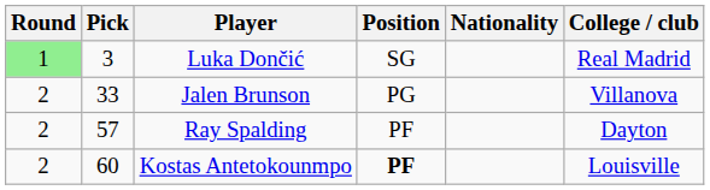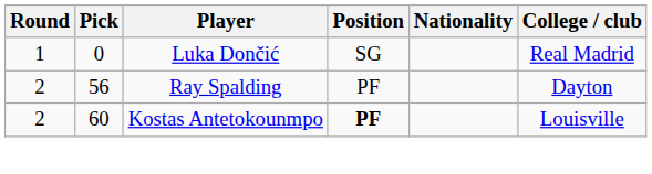 <table class="wikitable sortable sortable">
 <tr>
 <th>Round</th>
 <th>Pick</th>
 <th>Player</th>
 <th>Position</th>
 <th>Nationality</th>
 <th>College / club</th>
 </tr>
 <tr style="text-align: center">
-<td style="background: lightgreen;">1</td>
-<td>3</td>
+<td>1</td>
+<td>0</td>
 <td><a href='#'>Luka Dončić</a></td>
 <td>SG</td>
 <td></td>
 <td> <a href='#'>Real Madrid</a></td>
 </tr>
 <tr style="text-align: center">
 <td>2</td>
-<td>33</td>
-<td><a href='#'>Jalen Brunson</a></td>
-<td>PG</td>
-<td></td>
-<td><a href='#'>Villanova</a></td>
-</tr>
-<tr style="text-align: center">
-<td>2</td>
-<td>57</td>
+<td>56</td>
 <td><a href='#'>Ray Spalding</a></td>
 <td>PF</td>
 <td></td>
 <td><a href='#'>Dayton</a></td>
 </tr>
 <tr style="text-align: center">
 <td>2</td>
 <td>60</td>
 <td><a href='#'>Kostas Antetokounmpo</a></td>
 <td><strong>PF</strong></td>
 <td></td>
 <td><a href='#'>Louisville</a></td>
 </tr>
 </table>
